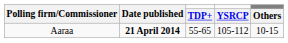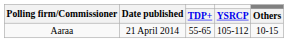 <table class="wikitable" style="text-align:center;font-size:95%;line-height:16px;">
 <tr>
 <th rowspan="2" class="wikitable">Polling firm/Commissioner</th>
 <th rowspan="2" class="wikitable">Date published</th>
 <td></td>
 <td></td>
 <td style="background:gray;"></td>
 </tr>
 <tr>
 <th><a href='#'>TDP+</a></th>
 <th><a href='#'>YSRCP</a></th>
 <th class="wikitable">Others</th>
 </tr>
 <tr>
 <td>Aaraa</td>
-<td><strong>21 April 2014</strong></td>
+<td>21 April 2014</td>
 <td>55-65</td>
 <td style="background:">105-112</td>
 <td>10-15</td>
 </tr>
 </table>
